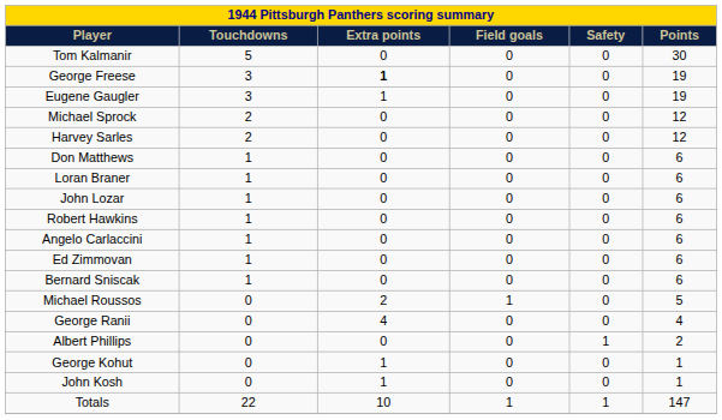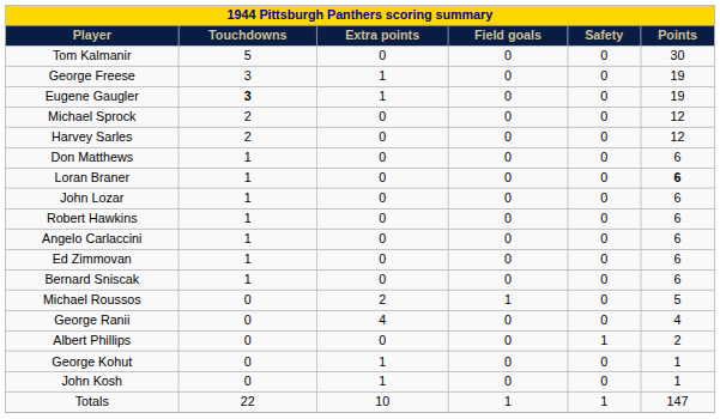 <table class="wikitable" width="70%">
 <tr>
 <th colspan="10" style="background:gold; color:darkblue; text-align: center;"><strong>1944 Pittsburgh Panthers scoring summary</strong></th>
 </tr>
 <tr align="center"  style="background:#091C44;color:#CEC499;">
 <td><strong>Player</strong></td>
 <td><strong>Touchdowns</strong></td>
 <td><strong>Extra points</strong></td>
 <td><strong>Field goals</strong></td>
 <td><strong>Safety</strong></td>
 <td><strong>Points</strong></td>
 </tr>
 <tr align="center" bgcolor="">
 <td>Tom Kalmanir</td>
 <td>5</td>
 <td>0</td>
 <td>0</td>
 <td>0</td>
 <td>30</td>
 </tr>
 <tr align="center" bgcolor="">
 <td>George Freese</td>
 <td>3</td>
-<td><strong>1</strong></td>
+<td>1</td>
 <td>0</td>
 <td>0</td>
 <td>19</td>
 </tr>
 <tr align="center" bgcolor="">
 <td>Eugene Gaugler</td>
-<td>3</td>
+<td><strong>3</strong></td>
 <td>1</td>
 <td>0</td>
 <td>0</td>
 <td>19</td>
 </tr>
 <tr align="center" bgcolor="">
 <td>Michael Sprock</td>
 <td>2</td>
 <td>0</td>
 <td>0</td>
 <td>0</td>
 <td>12</td>
 </tr>
 <tr align="center" bgcolor="">
 <td>Harvey Sarles</td>
 <td>2</td>
 <td>0</td>
 <td>0</td>
 <td>0</td>
 <td>12</td>
 </tr>
 <tr align="center" bgcolor="">
 <td>Don Matthews</td>
 <td>1</td>
 <td>0</td>
 <td>0</td>
 <td>0</td>
 <td>6</td>
 </tr>
 <tr align="center" bgcolor="">
 <td>Loran Braner</td>
 <td>1</td>
 <td>0</td>
 <td>0</td>
 <td>0</td>
-<td>6</td>
+<td><strong>6</strong></td>
 </tr>
 <tr align="center" bgcolor="">
 <td>John Lozar</td>
 <td>1</td>
 <td>0</td>
 <td>0</td>
 <td>0</td>
 <td>6</td>
 </tr>
 <tr align="center" bgcolor="">
 <td>Robert Hawkins</td>
 <td>1</td>
 <td>0</td>
 <td>0</td>
 <td>0</td>
 <td>6</td>
 </tr>
 <tr align="center" bgcolor="">
 <td>Angelo Carlaccini</td>
 <td>1</td>
 <td>0</td>
 <td>0</td>
 <td>0</td>
 <td>6</td>
 </tr>
 <tr align="center" bgcolor="">
 <td>Ed Zimmovan</td>
 <td>1</td>
 <td>0</td>
 <td>0</td>
 <td>0</td>
 <td>6</td>
 </tr>
 <tr align="center" bgcolor="">
 <td>Bernard Sniscak</td>
 <td>1</td>
 <td>0</td>
 <td>0</td>
 <td>0</td>
 <td>6</td>
 </tr>
 <tr align="center" bgcolor="">
 <td>Michael Roussos</td>
 <td>0</td>
 <td>2</td>
 <td>1</td>
 <td>0</td>
 <td>5</td>
 </tr>
 <tr align="center" bgcolor="">
 <td>George Ranii</td>
 <td>0</td>
 <td>4</td>
 <td>0</td>
 <td>0</td>
 <td>4</td>
 </tr>
 <tr align="center" bgcolor="">
 <td>Albert Phillips</td>
 <td>0</td>
 <td>0</td>
 <td>0</td>
 <td>1</td>
 <td>2</td>
 </tr>
 <tr align="center" bgcolor="">
 <td>George Kohut</td>
 <td>0</td>
 <td>1</td>
 <td>0</td>
 <td>0</td>
 <td>1</td>
 </tr>
 <tr align="center" bgcolor="">
 <td>John Kosh</td>
 <td>0</td>
 <td>1</td>
 <td>0</td>
 <td>0</td>
 <td>1</td>
 </tr>
 <tr align="center" bgcolor="">
 <td>Totals</td>
 <td>22</td>
 <td>10</td>
 <td>1</td>
 <td>1</td>
 <td>147</td>
 </tr>
 <tr align="center" bgcolor="">
 </tr>
 </table>
